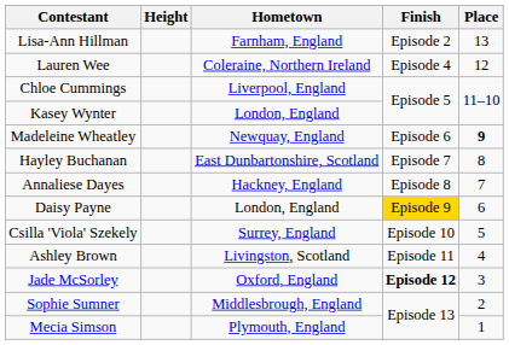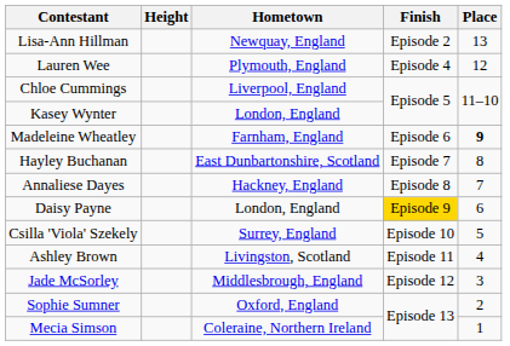 <table class="wikitable sortable" style="text-align:center;">
 <tr>
 <th>Contestant</th>
 <th>Height</th>
 <th>Hometown</th>
 <th>Finish</th>
 <th>Place</th>
 </tr>
 <tr>
 <td>Lisa-Ann Hillman</td>
 <td></td>
-<td><a href='#'>Farnham, England</a></td>
+<td><a href='#'>Newquay, England</a></td>
 <td>Episode 2</td>
 <td>13</td>
 </tr>
 <tr>
 <td>Lauren Wee</td>
 <td></td>
-<td><a href='#'>Coleraine, Northern Ireland</a></td>
+<td><a href='#'>Plymouth, England</a></td>
 <td>Episode 4</td>
 <td>12</td>
 </tr>
 <tr>
 <td>Chloe Cummings</td>
 <td></td>
 <td><a href='#'>Liverpool, England</a></td>
 <td rowspan="2">Episode 5</td>
 <td rowspan=2>11–10</td>
 </tr>
 <tr>
 <td>Kasey Wynter</td>
 <td></td>
 <td><a href='#'>London, England</a></td>
 </tr>
 <tr>
 <td>Madeleine Wheatley</td>
 <td></td>
-<td><a href='#'>Newquay, England</a></td>
+<td><a href='#'>Farnham, England</a></td>
 <td>Episode 6</td>
 <td><strong>9</strong></td>
 </tr>
 <tr>
 <td>Hayley Buchanan</td>
 <td></td>
 <td><a href='#'>East Dunbartonshire, Scotland</a></td>
 <td>Episode 7</td>
 <td>8</td>
 </tr>
 <tr>
 <td>Annaliese Dayes</td>
 <td></td>
 <td><a href='#'>Hackney, England</a></td>
 <td>Episode 8</td>
 <td>7</td>
 </tr>
 <tr>
 <td>Daisy Payne</td>
 <td></td>
 <td>London, England</td>
 <td style="background: gold;">Episode 9</td>
 <td>6</td>
 </tr>
 <tr>
 <td>Csilla 'Viola' Szekely</td>
 <td></td>
 <td><a href='#'>Surrey, England</a></td>
 <td>Episode 10</td>
 <td>5</td>
 </tr>
 <tr>
 <td>Ashley Brown</td>
 <td></td>
 <td><a href='#'>Livingston</a>, Scotland</td>
 <td>Episode 11</td>
 <td>4</td>
 </tr>
 <tr>
 <td><a href='#'>Jade McSorley</a></td>
 <td></td>
-<td><a href='#'>Oxford, England</a></td>
-<td><strong>Episode 12</strong></td>
+<td><a href='#'>Middlesbrough, England</a></td>
+<td>Episode 12</td>
 <td>3</td>
 </tr>
 <tr>
 <td><a href='#'>Sophie Sumner</a></td>
 <td></td>
-<td><a href='#'>Middlesbrough, England</a></td>
+<td><a href='#'>Oxford, England</a></td>
 <td rowspan=2>Episode 13</td>
 <td>2</td>
 </tr>
 <tr>
 <td><a href='#'>Mecia Simson</a></td>
 <td></td>
-<td><a href='#'>Plymouth, England</a></td>
+<td><a href='#'>Coleraine, Northern Ireland</a></td>
 <td>1</td>
 </tr>
 </table>
